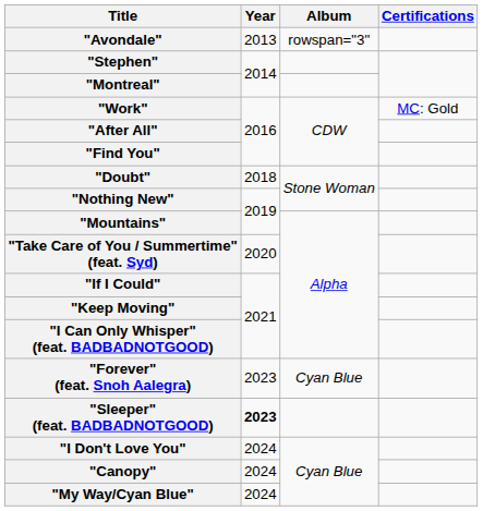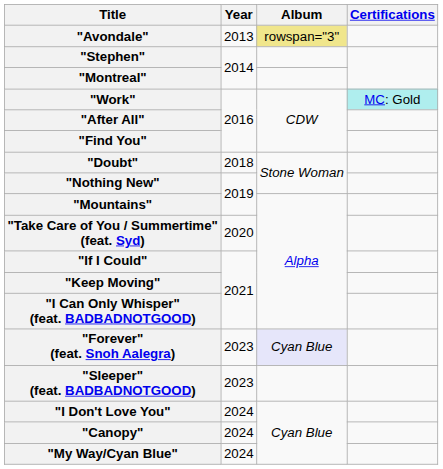 <table class="wikitable plainrowheaders" style="text-align:center;">
 <tr>
 <th scope="col">Title</th>
 <th scope="col">Year</th>
 <th scope="col">Album</th>
 <th><a href='#'>Certifications</a></th>
 </tr>
 <tr>
 <th scope="row">"Avondale"</th>
 <td>2013</td>
-<td>rowspan="3" </td>
+<td style="background: khaki;">rowspan="3" </td>
 <td></td>
 </tr>
 <tr>
 <th scope="row">"Stephen"</th>
 <td rowspan="2">2014</td>
 <td></td>
 </tr>
 <tr>
 <th scope="row">"Montreal"</th>
 <td></td>
 </tr>
 <tr>
 <th scope="row">"Work"</th>
 <td rowspan="3">2016</td>
 <td rowspan="3"><em>CDW</em></td>
-<td><a href='#'>MC</a>: Gold</td>
+<td style="background: paleturquoise;"><a href='#'>MC</a>: Gold</td>
 </tr>
 <tr>
 <th scope="row">"After All"</th>
 <td></td>
 </tr>
 <tr>
 <th scope="row">"Find You"</th>
 <td></td>
 </tr>
 <tr>
 <th scope="row">"Doubt"</th>
 <td>2018</td>
 <td rowspan="2"><em>Stone Woman</em></td>
 <td></td>
 </tr>
 <tr>
 <th scope="row">"Nothing New"</th>
 <td rowspan="2">2019</td>
 <td></td>
 </tr>
 <tr>
 <th scope="row">"Mountains"</th>
 <td rowspan="5"><em><a href='#'>Alpha</a></em></td>
 <td></td>
 </tr>
 <tr>
 <th scope="row">"Take Care of You / Summertime"  <br><span>(feat. <a href='#'>Syd</a>)</span></th>
 <td>2020</td>
 <td></td>
 </tr>
 <tr>
 <th scope="row">"If I Could"</th>
 <td rowspan="3">2021</td>
 <td></td>
 </tr>
 <tr>
 <th scope="row">"Keep Moving"</th>
 <td></td>
 </tr>
 <tr>
 <th scope="row">"I Can Only Whisper"  <br><span>(feat. <a href='#'>BADBADNOTGOOD</a>)</span></th>
 <td></td>
 </tr>
 <tr>
 <th scope="row">"Forever" <br><span>(feat. <a href='#'>Snoh Aalegra</a>)</span></th>
 <td>2023</td>
-<td><em>Cyan Blue</em></td>
+<td style="background: lavender;"><em>Cyan Blue</em></td>
 <td></td>
 </tr>
 <tr>
 <th scope="row">"Sleeper"  <br><span>(feat. <a href='#'>BADBADNOTGOOD</a>)</span></th>
-<td><strong>2023</strong></td>
+<td>2023</td>
 <td></td>
 <td></td>
 </tr>
 <tr>
 <th scope="row">"I Don't Love You"</th>
 <td>2024</td>
 <td rowspan="3"><em>Cyan Blue</em></td>
 </tr>
 <tr>
 <th scope="row">"Canopy"</th>
 <td>2024</td>
 <td></td>
 </tr>
 <tr>
 <th scope="row">"My Way/Cyan Blue"</th>
 <td>2024</td>
 <td></td>
 </tr>
 </table>
